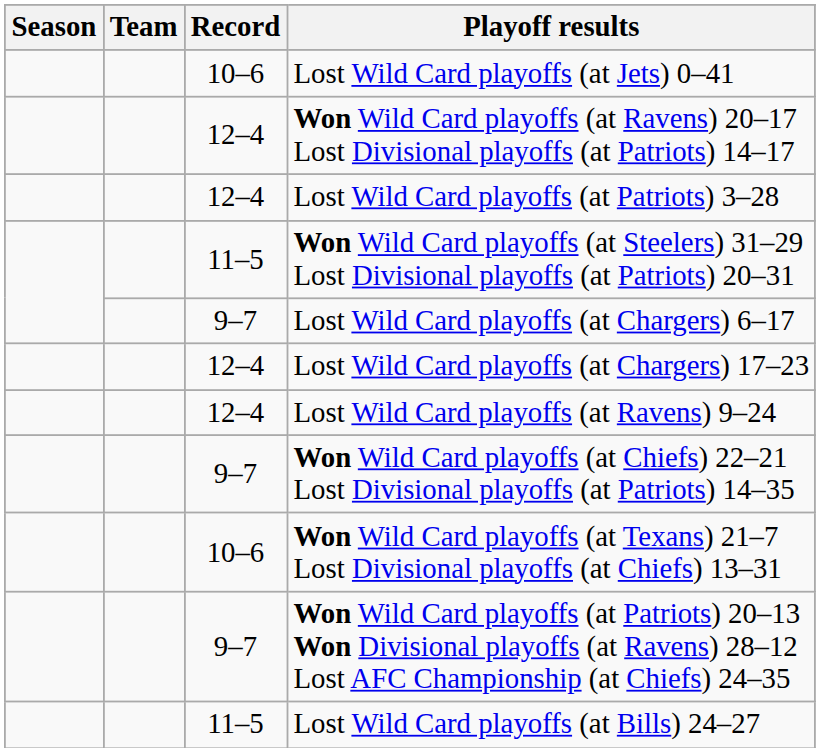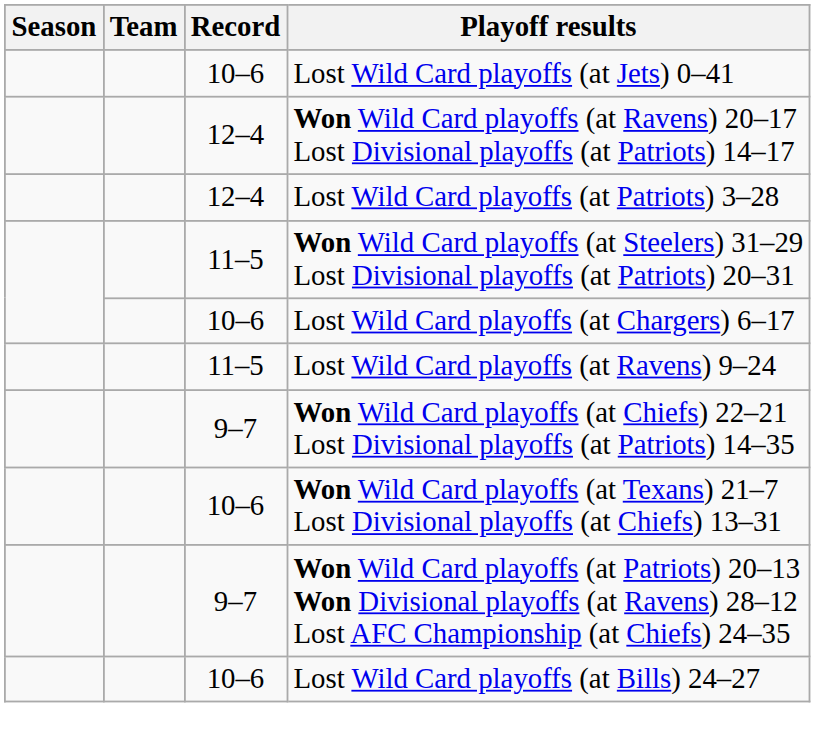 <table class="wikitable">
 <tr>
 <th>Season</th>
 <th>Team</th>
 <th>Record</th>
 <th>Playoff results</th>
 </tr>
 <tr>
 <td></td>
 <td><strong><a href='#'></a></strong></td>
 <td align="center">10–6</td>
 <td>Lost <a href='#'>Wild Card playoffs</a> (at <a href='#'>Jets</a>) 0–41</td>
 </tr>
 <tr>
 <td></td>
 <td><strong><a href='#'></a></strong></td>
 <td align="center">12–4</td>
 <td><strong>Won</strong> <a href='#'>Wild Card playoffs</a> (at <a href='#'>Ravens</a>) 20–17<br>Lost <a href='#'>Divisional playoffs</a> (at <a href='#'>Patriots</a>) 14–17</td>
 </tr>
 <tr>
 <td></td>
 <td><strong><a href='#'></a></strong></td>
 <td align="center">12–4</td>
 <td>Lost <a href='#'>Wild Card playoffs</a> (at <a href='#'>Patriots</a>) 3–28</td>
 </tr>
 <tr>
 <td rowspan="2"></td>
 <td><strong><a href='#'></a></strong></td>
 <td align="center">11–5</td>
 <td><strong>Won</strong> <a href='#'>Wild Card playoffs</a> (at <a href='#'>Steelers</a>) 31–29<br>Lost <a href='#'>Divisional playoffs</a> (at <a href='#'>Patriots</a>) 20–31</td>
 </tr>
 <tr>
 <td><strong><a href='#'></a></strong></td>
-<td align="center">9–7</td>
+<td align="center">10–6</td>
 <td>Lost <a href='#'>Wild Card playoffs</a> (at <a href='#'>Chargers</a>) 6–17</td>
 </tr>
 <tr>
 <td></td>
 <td><strong><a href='#'></a></strong></td>
-<td align="center">12–4</td>
-<td>Lost <a href='#'>Wild Card playoffs</a> (at <a href='#'>Chargers</a>) 17–23 </td>
-</tr>
-<tr>
-<td></td>
-<td><strong><a href='#'></a></strong></td>
-<td align="center">12–4</td>
+<td align="center">11–5</td>
 <td>Lost <a href='#'>Wild Card playoffs</a> (at <a href='#'>Ravens</a>) 9–24</td>
 </tr>
 <tr>
 <td></td>
 <td><strong><a href='#'></a></strong></td>
 <td align="center">9–7</td>
 <td><strong>Won</strong> <a href='#'>Wild Card playoffs</a> (at <a href='#'>Chiefs</a>) 22–21<br>Lost <a href='#'>Divisional playoffs</a> (at <a href='#'>Patriots</a>) 14–35</td>
 </tr>
 <tr>
 <td></td>
 <td><strong><a href='#'></a></strong></td>
 <td align="center">10–6</td>
 <td><strong>Won</strong> <a href='#'>Wild Card playoffs</a> (at <a href='#'>Texans</a>) 21–7<br>Lost <a href='#'>Divisional playoffs</a> (at <a href='#'>Chiefs</a>) 13–31</td>
 </tr>
 <tr>
 <td></td>
 <td><strong><a href='#'></a></strong></td>
 <td align="center">9–7</td>
 <td><strong>Won</strong> <a href='#'>Wild Card playoffs</a> (at <a href='#'>Patriots</a>) 20–13 <br><strong>Won</strong> <a href='#'>Divisional playoffs</a> (at <a href='#'>Ravens</a>) 28–12 <br> Lost <a href='#'>AFC Championship</a> (at <a href='#'>Chiefs</a>) 24–35</td>
 </tr>
 <tr>
 <td></td>
 <td><strong><a href='#'></a></strong></td>
-<td align="center">11–5</td>
+<td align="center">10–6</td>
 <td>Lost <a href='#'>Wild Card playoffs</a> (at <a href='#'>Bills</a>) 24–27</td>
 </tr>
 </table>
